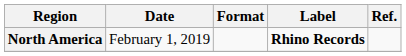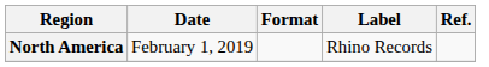 <table class="wikitable plainrowheaders">
 <tr>
 <th scope="col">Region</th>
 <th scope="col">Date</th>
 <th scope="col">Format</th>
 <th scope="col">Label</th>
 <th scope="col">Ref.</th>
 </tr>
 <tr>
 <th scope="row">North America</th>
 <td>February 1, 2019</td>
 <td></td>
-<td><strong>Rhino Records</strong></td>
+<td>Rhino Records</td>
 <td></td>
 </tr>
 <tr>
 </tr>
 </table>
